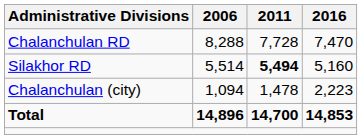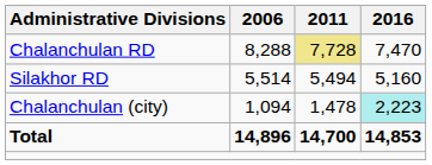 <table class="wikitable">
 <tr>
 <th>Administrative Divisions</th>
 <th>2006</th>
 <th>2011</th>
 <th>2016</th>
 </tr>
 <tr>
 <td><a href='#'>Chalanchulan RD</a></td>
 <td style="text-align: right;">8,288</td>
-<td style="text-align: right;">7,728</td>
+<td style="background: khaki; text-align: right;">7,728</td>
 <td style="text-align: right;">7,470</td>
 </tr>
 <tr>
 <td><a href='#'>Silakhor RD</a></td>
 <td style="text-align: right;">5,514</td>
-<td style="text-align: right;"><strong>5,494</strong></td>
+<td style="text-align: right;">5,494</td>
 <td style="text-align: right;">5,160</td>
 </tr>
 <tr>
 <td><a href='#'>Chalanchulan</a> (city)</td>
 <td style="text-align: right;">1,094</td>
 <td style="text-align: right;">1,478</td>
-<td style="text-align: right;">2,223</td>
+<td style="background: paleturquoise; text-align: right;">2,223</td>
 </tr>
 <tr>
 <td><strong>Total</strong></td>
 <td style="text-align: right;"><strong>14,896</strong></td>
 <td style="text-align: right;"><strong>14,700</strong></td>
 <td style="text-align: right;"><strong>14,853</strong></td>
 </tr>
 <tr>
 <td colspan=4></td>
 </tr>
 </table>
